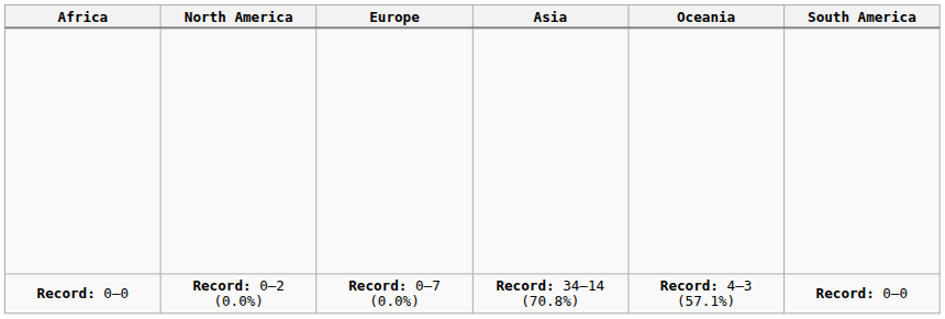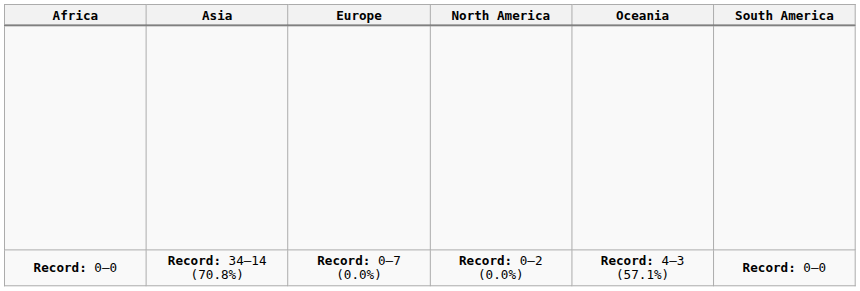 <table class="wikitable">
 <tr>
 <th width="140">Africa</th>
+<th width="140">Asia</th>
+<th width="140">Europe</th>
 <th width="140">North America</th>
-<th width="140">Europe</th>
-<th width="140">Asia</th>
 <th width="140">Oceania</th>
 <th width="140">South America</th>
 </tr>
 <tr style="border-top:2px solid gray;">
 <td align="center"></td>
+<td align="center"><br><br><br><br><br><br><br><br><br><br><br><br><br><br><br></td>
+<td align="center"><br><br><br><br><br></td>
 <td align="center"></td>
-<td align="center"><br><br><br><br><br></td>
-<td align="center"><br><br><br><br><br><br><br><br><br><br><br><br><br><br><br></td>
 <td align="center"><br></td>
 <td align="center"></td>
 </tr>
 <tr>
 <td align="center"><strong>Record:</strong> 0–0</td>
+<td align="center"><strong>Record:</strong> 34–14 (70.8%)</td>
+<td align="center"><strong>Record:</strong> 0–7 (0.0%)</td>
 <td align="center"><strong>Record:</strong> 0–2 (0.0%)</td>
-<td align="center"><strong>Record:</strong> 0–7 (0.0%)</td>
-<td align="center"><strong>Record:</strong> 34–14 (70.8%)</td>
 <td align="center"><strong>Record:</strong> 4–3 (57.1%)</td>
 <td align="center"><strong>Record:</strong> 0–0</td>
 </tr>
 </table>
